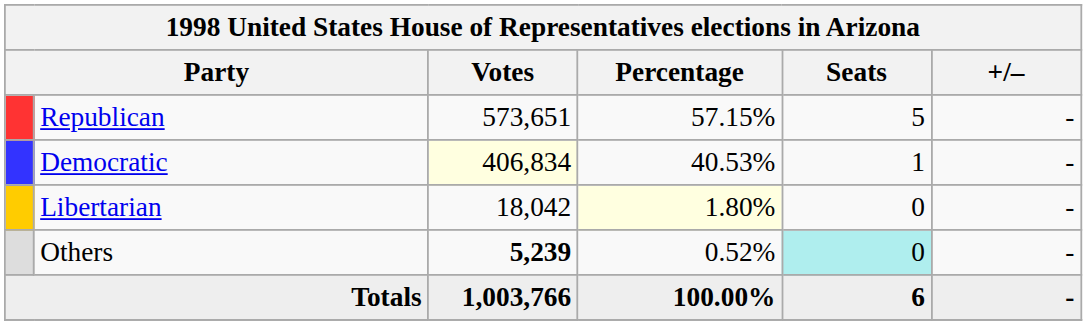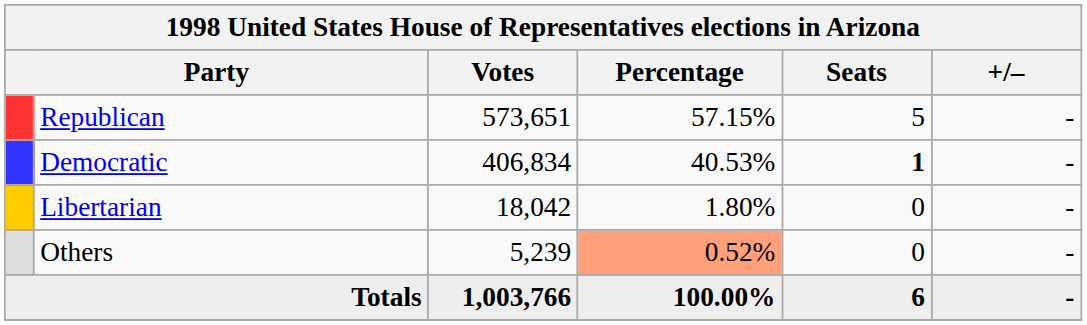 <table class="wikitable" style="font-size: 95%;">
 <tr>
 <th colspan="6">1998 United States House of Representatives elections in Arizona</th>
 </tr>
 <tr>
 <th colspan=2 style="width: 15em">Party</th>
 <th style="width: 5em">Votes</th>
 <th style="width: 7em">Percentage</th>
 <th style="width: 5em">Seats</th>
 <th style="width: 5em">+/–</th>
 </tr>
 <tr>
 <th style="background-color:#FF3333; width: 3px"></th>
 <td style="width: 130px"><a href='#'>Republican</a></td>
 <td align="right">573,651</td>
 <td align="right">57.15%</td>
 <td align="right">5</td>
 <td align="right">-</td>
 </tr>
 <tr>
 <th style="background-color:#3333FF; width: 3px"></th>
 <td style="width: 130px"><a href='#'>Democratic</a></td>
-<td align="right" style="background: lightyellow;">406,834</td>
+<td align="right">406,834</td>
 <td align="right">40.53%</td>
-<td align="right">1</td>
+<td align="right"><strong>1</strong></td>
 <td align="right">-</td>
 </tr>
 <tr>
 <th style="background-color:#FFCC00; width: 3px"></th>
 <td style="width: 130px"><a href='#'>Libertarian</a></td>
 <td align="right">18,042</td>
-<td align="right" style="background: lightyellow;">1.80%</td>
+<td align="right">1.80%</td>
 <td align="right">0</td>
 <td align="right">-</td>
 </tr>
 <tr>
 <th style="background-color:#DDDDDD; width: 3px"></th>
 <td style="width: 130px">Others</td>
-<td align="right"><strong>5,239</strong></td>
-<td align="right">0.52%</td>
-<td align="right" style="background: paleturquoise;">0</td>
+<td align="right">5,239</td>
+<td align="right" style="background: lightsalmon;">0.52%</td>
+<td align="right">0</td>
 <td align="right">-</td>
 </tr>
 <tr bgcolor="#EEEEEE">
 <td colspan="2" align="right"><strong>Totals</strong></td>
 <td align="right"><strong>1,003,766</strong></td>
 <td align="right"><strong>100.00%</strong></td>
 <td align="right"><strong>6</strong></td>
 <td align="right"><strong>-</strong></td>
 </tr>
 <tr bgcolor="#EEEEEE">
 </tr>
 </table>
